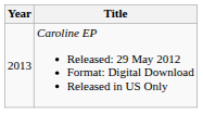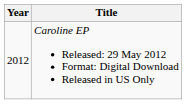 <table class="wikitable">
 <tr>
 <th>Year</th>
 <th>Title</th>
 </tr>
 <tr>
-<td>2013</td>
+<td>2012</td>
 <td><em>Caroline EP</em><br><ul><li>Released: 29 May 2012</li><li>Format: Digital Download</li><li>Released in US Only</li></ul></td>
 </tr>
 </table>
